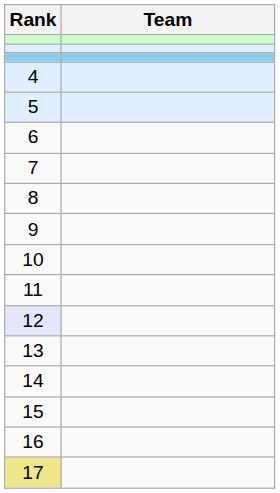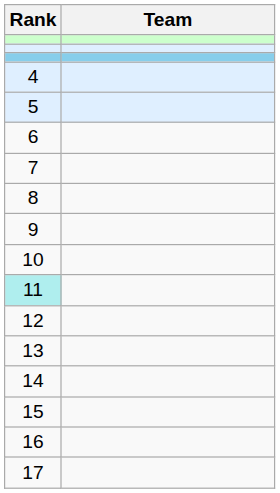 <table class="wikitable" style="text-align: center;">
 <tr>
 <th width=40>Rank</th>
 <th width=170>Team</th>
 </tr>
 <tr bgcolor=#ccffcc>
 <td></td>
 <td align="left"></td>
 </tr>
 <tr bgcolor=#dfefff>
 <td></td>
 <td align="left"></td>
 </tr>
 <tr bgcolor=#87ceeb>
 <td></td>
 <td align="left"></td>
 </tr>
 <tr bgcolor=#dfefff>
 <td>4</td>
 <td align="left"></td>
 </tr>
 <tr bgcolor=#dfefff>
 <td>5</td>
 <td align="left"></td>
 </tr>
 <tr>
 <td>6</td>
 <td align="left"></td>
 </tr>
 <tr>
 <td>7</td>
 <td align="left"></td>
 </tr>
 <tr>
 <td>8</td>
 <td align="left"></td>
 </tr>
 <tr>
 <td>9</td>
 <td align="left"></td>
 </tr>
 <tr>
 <td>10</td>
 <td align="left"></td>
 </tr>
 <tr>
-<td>11</td>
+<td style="background: paleturquoise;">11</td>
 <td align="left"></td>
 </tr>
 <tr>
-<td style="background: lavender;">12</td>
+<td>12</td>
 <td align="left"></td>
 </tr>
 <tr>
 <td>13</td>
 <td align="left"></td>
 </tr>
 <tr>
 <td>14</td>
 <td align="left"></td>
 </tr>
 <tr>
 <td>15</td>
 <td align="left"></td>
 </tr>
 <tr>
 <td>16</td>
 <td align="left"></td>
 </tr>
 <tr>
-<td style="background: khaki;">17</td>
+<td>17</td>
 <td align="left"></td>
 </tr>
 </table>
